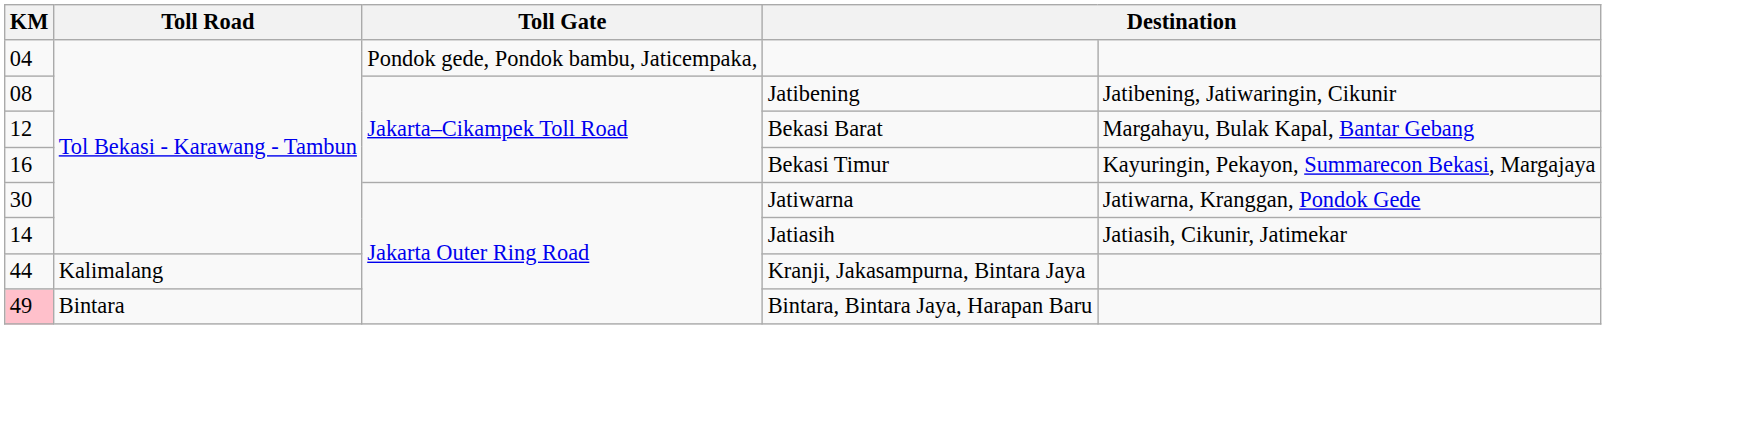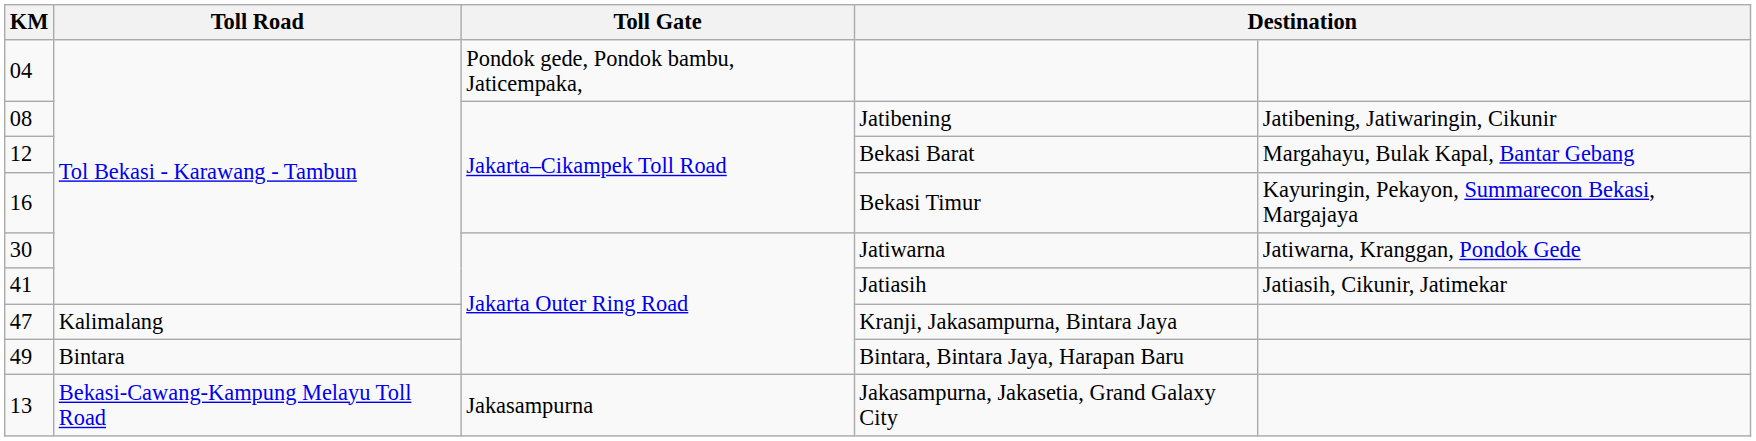 <table class="wikitable">
 <tr>
 <th>KM</th>
 <th>Toll Road</th>
 <th>Toll Gate</th>
 <th colspan="2">Destination</th>
 </tr>
 <tr>
 <td>04</td>
 <td rowspan="6"><a href='#'>Tol Bekasi - Karawang - Tambun</a></td>
 <td>Pondok gede, Pondok bambu, Jaticempaka,</td>
 <td></td>
 <td></td>
 </tr>
 <tr>
 <td>08</td>
 <td rowspan="3"><a href='#'>Jakarta–Cikampek Toll Road</a></td>
 <td>Jatibening</td>
 <td>Jatibening, Jatiwaringin, Cikunir</td>
 </tr>
 <tr>
 <td>12</td>
 <td>Bekasi Barat</td>
 <td>Margahayu, Bulak Kapal, <a href='#'>Bantar Gebang</a></td>
 </tr>
 <tr>
 <td>16</td>
 <td>Bekasi Timur</td>
 <td>Kayuringin, Pekayon, <a href='#'>Summarecon Bekasi</a>, Margajaya</td>
 </tr>
 <tr>
 <td>30</td>
 <td rowspan="4"><a href='#'>Jakarta Outer Ring Road</a></td>
 <td>Jatiwarna</td>
 <td>Jatiwarna, Kranggan, <a href='#'>Pondok Gede</a></td>
 </tr>
 <tr>
-<td>14</td>
+<td>41</td>
 <td>Jatiasih</td>
 <td>Jatiasih, Cikunir, Jatimekar</td>
 </tr>
 <tr>
-<td>44</td>
+<td>47</td>
 <td>Kalimalang</td>
 <td>Kranji, Jakasampurna, Bintara Jaya</td>
 <td></td>
 </tr>
 <tr>
-<td style="background: pink;">49</td>
+<td>49</td>
 <td>Bintara</td>
 <td>Bintara, Bintara Jaya, Harapan Baru</td>
 <td></td>
 </tr>
+<tr>
+<td>13</td>
+<td><a href='#'>Bekasi-Cawang-Kampung Melayu Toll Road</a></td>
+<td>Jakasampurna</td>
+<td>Jakasampurna, Jakasetia, Grand Galaxy City</td>
+<td></td>
+</tr>
 </table>
